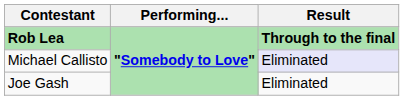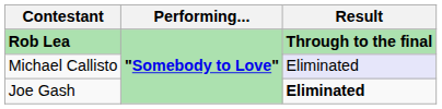 <table class="wikitable">
 <tr>
 <th>Contestant</th>
 <th>Performing...</th>
 <th>Result</th>
 </tr>
 <tr>
 <td style="background:#ACE1AF;"><strong>Rob Lea</strong></td>
 <td style="background:#ACE1AF;"rowspan="3"><strong>"<a href='#'>Somebody to Love</a>"</strong></td>
 <td style="background:#ACE1AF;"><strong>Through to the final</strong></td>
 </tr>
 <tr>
 <td>Michael Callisto</td>
 <td style="background: lavender;">Eliminated</td>
 </tr>
 <tr>
 <td>Joe Gash</td>
-<td>Eliminated</td>
+<td><strong>Eliminated</strong></td>
 </tr>
 </table>
